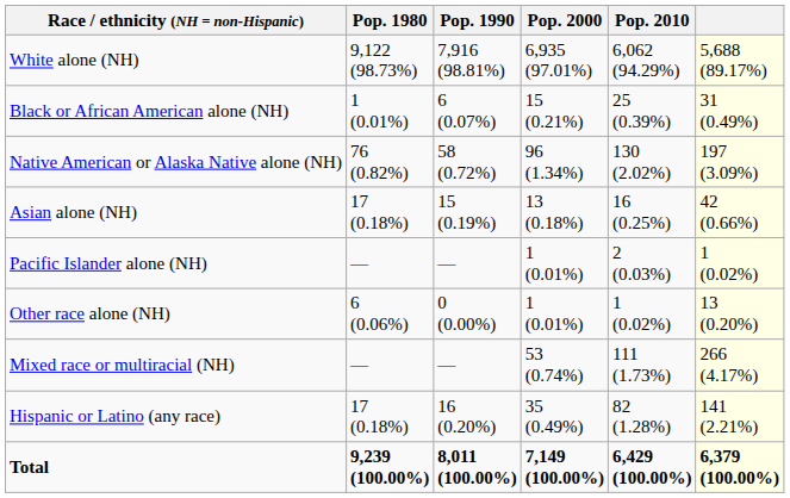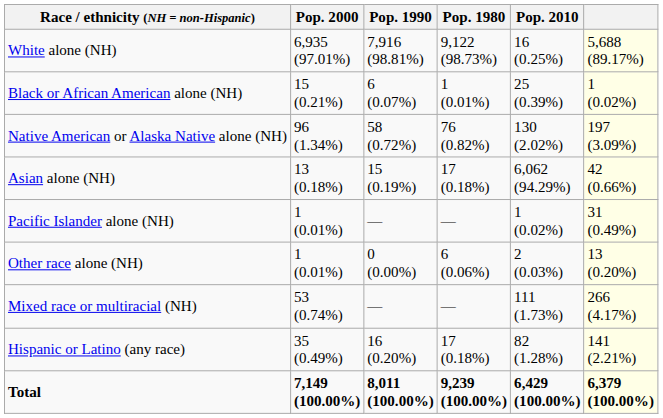 <table class="wikitable sortable collapsible" style="font-size: 95%;">
 <tr>
 <th>Race / ethnicity <small>(<em>NH = non-Hispanic</em>)</small></th>
+<th>Pop. 2000</th>
+<th>Pop. 1990</th>
 <th>Pop. 1980</th>
-<th>Pop. 1990</th>
-<th>Pop. 2000</th>
 <th>Pop. 2010</th>
 <th></th>
 </tr>
 <tr>
 <td><a href='#'>White</a> alone (NH)</td>
+<td>6,935<br>(97.01%)</td>
+<td>7,916<br>(98.81%)</td>
 <td>9,122<br>(98.73%)</td>
-<td>7,916<br>(98.81%)</td>
-<td>6,935<br>(97.01%)</td>
-<td>6,062<br>(94.29%)</td>
+<td>16<br>(0.25%)</td>
 <td style='background: #ffffe6;'>5,688<br>(89.17%)</td>
 </tr>
 <tr>
 <td><a href='#'>Black or African American</a> alone (NH)</td>
+<td>15<br>(0.21%)</td>
+<td>6<br>(0.07%)</td>
 <td>1<br>(0.01%)</td>
-<td>6<br>(0.07%)</td>
-<td>15<br>(0.21%)</td>
 <td>25<br>(0.39%)</td>
-<td style='background: #ffffe6;'>31<br>(0.49%)</td>
+<td style='background: #ffffe6;'>1<br>(0.02%)</td>
 </tr>
 <tr>
 <td><a href='#'>Native American</a> or <a href='#'>Alaska Native</a> alone (NH)</td>
+<td>96<br>(1.34%)</td>
+<td>58<br>(0.72%)</td>
 <td>76<br>(0.82%)</td>
-<td>58<br>(0.72%)</td>
-<td>96<br>(1.34%)</td>
 <td>130<br>(2.02%)</td>
 <td style='background: #ffffe6;'>197<br>(3.09%)</td>
 </tr>
 <tr>
 <td><a href='#'>Asian</a> alone (NH)</td>
+<td>13<br>(0.18%)</td>
+<td>15<br>(0.19%)</td>
 <td>17<br>(0.18%)</td>
-<td>15<br>(0.19%)</td>
-<td>13<br>(0.18%)</td>
-<td>16<br>(0.25%)</td>
+<td>6,062<br>(94.29%)</td>
 <td style='background: #ffffe6;'>42<br>(0.66%)</td>
 </tr>
 <tr>
 <td><a href='#'>Pacific Islander</a> alone (NH)</td>
+<td>1<br>(0.01%)</td>
 <td>—</td>
 <td>—</td>
-<td>1<br>(0.01%)</td>
-<td>2<br>(0.03%)</td>
-<td style='background: #ffffe6;'>1<br>(0.02%)</td>
+<td>1<br>(0.02%)</td>
+<td style='background: #ffffe6;'>31<br>(0.49%)</td>
 </tr>
 <tr>
 <td><a href='#'>Other race</a> alone (NH)</td>
+<td>1<br>(0.01%)</td>
+<td>0<br>(0.00%)</td>
 <td>6<br>(0.06%)</td>
-<td>0<br>(0.00%)</td>
-<td>1<br>(0.01%)</td>
-<td>1<br>(0.02%)</td>
+<td>2<br>(0.03%)</td>
 <td style='background: #ffffe6;'>13<br>(0.20%)</td>
 </tr>
 <tr>
 <td><a href='#'>Mixed race or multiracial</a> (NH)</td>
+<td>53<br>(0.74%)</td>
 <td>—</td>
 <td>—</td>
-<td>53<br>(0.74%)</td>
 <td>111<br>(1.73%)</td>
 <td style='background: #ffffe6;'>266<br>(4.17%)</td>
 </tr>
 <tr>
 <td><a href='#'>Hispanic or Latino</a> (any race)</td>
+<td>35<br>(0.49%)</td>
+<td>16<br>(0.20%)</td>
 <td>17<br>(0.18%)</td>
-<td>16<br>(0.20%)</td>
-<td>35<br>(0.49%)</td>
 <td>82<br>(1.28%)</td>
 <td style='background: #ffffe6;'>141<br>(2.21%)</td>
 </tr>
 <tr>
 <td><strong>Total</strong></td>
+<td><strong>7,149<br>(100.00%)</strong></td>
+<td><strong>8,011<br>(100.00%)</strong></td>
 <td><strong>9,239<br>(100.00%)</strong></td>
-<td><strong>8,011<br>(100.00%)</strong></td>
-<td><strong>7,149<br>(100.00%)</strong></td>
 <td><strong>6,429<br>(100.00%)</strong></td>
 <td style='background: #ffffe6;'><strong>6,379<br>(100.00%)</strong></td>
 </tr>
 </table>
